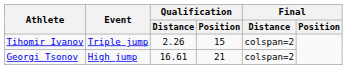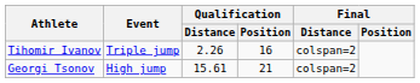 <table class=wikitable style=font-size:90%>
 <tr>
 <th rowspan=2>Athlete</th>
 <th rowspan=2>Event</th>
 <th colspan=2>Qualification</th>
 <th colspan=2>Final</th>
 </tr>
 <tr style=font-size:95%>
 <th>Distance</th>
 <th>Position</th>
 <th>Distance</th>
 <th>Position</th>
 </tr>
 <tr align=center>
 <td align=left><a href='#'>Tihomir Ivanov</a></td>
 <td align=left><a href='#'>Triple jump</a></td>
 <td>2.26</td>
-<td>15</td>
+<td>16</td>
 <td>colspan=2 </td>
 </tr>
 <tr align=center>
 <td align=left><a href='#'>Georgi Tsonov</a></td>
 <td align=left><a href='#'>High jump</a></td>
-<td>16.61</td>
+<td>15.61</td>
 <td>21</td>
 <td>colspan=2 </td>
 </tr>
 </table>
